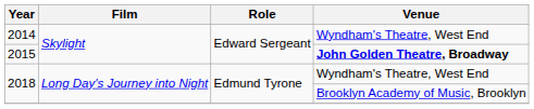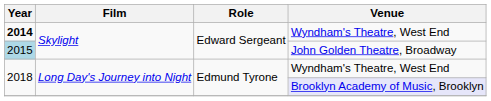 <table class="wikitable">
 <tr>
 <th>Year</th>
 <th>Film</th>
 <th>Role</th>
 <th>Venue</th>
 </tr>
 <tr>
-<td>2014</td>
+<td><strong>2014</strong></td>
 <td rowspan="2"><em><a href='#'>Skylight</a></em></td>
 <td rowspan="2">Edward Sergeant</td>
 <td><a href='#'>Wyndham's Theatre</a>, West End</td>
 </tr>
 <tr>
-<td>2015</td>
-<td><strong><a href='#'>John Golden Theatre</a>, Broadway</strong></td>
+<td style="background: lightblue;">2015</td>
+<td><a href='#'>John Golden Theatre</a>, Broadway</td>
 </tr>
 <tr>
 <td rowspan="2">2018</td>
 <td rowspan="2"><em><a href='#'>Long Day's Journey into Night</a></em></td>
 <td rowspan="2">Edmund Tyrone</td>
 <td>Wyndham's Theatre, West End</td>
 </tr>
 <tr>
-<td><a href='#'>Brooklyn Academy of Music</a>, Brooklyn</td>
+<td style="background: lavender;"><a href='#'>Brooklyn Academy of Music</a>, Brooklyn</td>
 </tr>
 <tr>
 </tr>
 </table>
